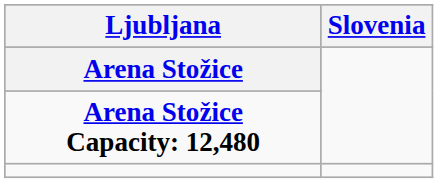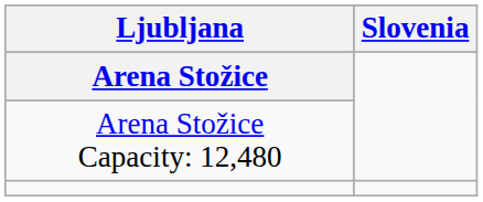 <table class="wikitable" style="text-align:center;">
 <tr>
 <th><a href='#'>Ljubljana</a></th>
 <th><a href='#'>Slovenia</a></th>
 </tr>
 <tr>
 <th width=180><a href='#'>Arena Stožice</a></th>
 <td rowspan=2></td>
 </tr>
 <tr>
-<td><strong><a href='#'>Arena Stožice</a><br>Capacity: 12,480</strong></td>
+<td><a href='#'>Arena Stožice</a><br>Capacity: 12,480</td>
 </tr>
 <tr>
 <td></td>
 </tr>
 </table>
